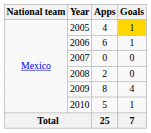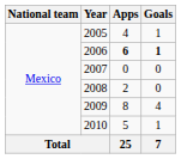 <table class="wikitable" style="text-align:center">
 <tr>
 <th>National team</th>
 <th>Year</th>
 <th>Apps</th>
 <th>Goals</th>
 </tr>
 <tr>
 <td rowspan="6"><a href='#'>Mexico</a></td>
 <td>2005</td>
 <td>4</td>
-<td style="background: gold;">1</td>
+<td>1</td>
 </tr>
 <tr>
 <td>2006</td>
-<td>6</td>
-<td>1</td>
+<td><strong>6</strong></td>
+<td><strong>1</strong></td>
 </tr>
 <tr>
 <td>2007</td>
 <td>0</td>
 <td>0</td>
 </tr>
 <tr>
 <td>2008</td>
 <td>2</td>
 <td>0</td>
 </tr>
 <tr>
 <td>2009</td>
 <td>8</td>
 <td>4</td>
 </tr>
 <tr>
 <td>2010</td>
 <td>5</td>
 <td>1</td>
 </tr>
 <tr>
 <th colspan="2">Total</th>
 <th>25</th>
 <th>7</th>
 </tr>
 </table>
